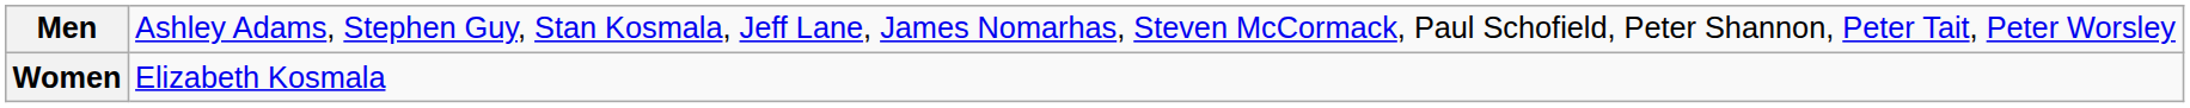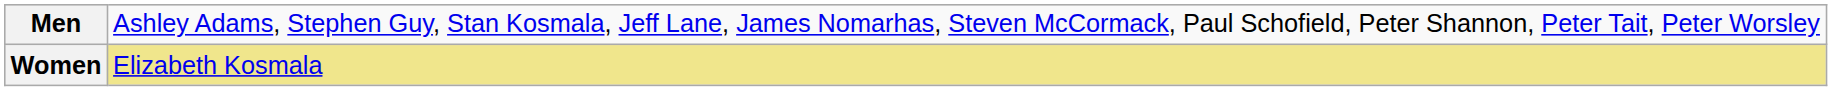 <table class="wikitable">
 <tr>
 <th>Men</th>
 <td><a href='#'>Ashley Adams</a>, <a href='#'>Stephen Guy</a>, <a href='#'>Stan Kosmala</a>, <a href='#'>Jeff Lane</a>, <a href='#'>James Nomarhas</a>, <a href='#'>Steven McCormack</a>, Paul Schofield, Peter Shannon, <a href='#'>Peter Tait</a>, <a href='#'>Peter Worsley</a></td>
 </tr>
 <tr>
 <th>Women</th>
-<td><a href='#'>Elizabeth Kosmala</a></td>
+<td style="background: khaki;"><a href='#'>Elizabeth Kosmala</a></td>
 </tr>
 </table>
